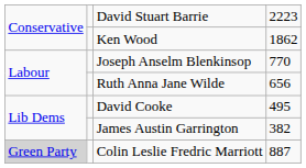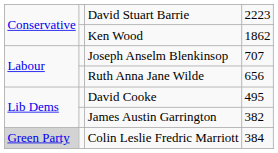 <table class="wikitable">
 <tr>
 <td rowspan="2"><a href='#'>Conservative</a></td>
 <td style="color:inherit;background:"></td>
 <td>David Stuart Barrie</td>
 <td>2223</td>
 </tr>
 <tr>
 <td style="color:inherit;background:"></td>
 <td>Ken Wood</td>
 <td>1862</td>
 </tr>
 <tr>
 <td rowspan="2"><a href='#'>Labour</a></td>
 <td style="color:inherit;background:"></td>
 <td>Joseph Anselm Blenkinsop</td>
-<td>770</td>
+<td>707</td>
 </tr>
 <tr>
 <td style="color:inherit;background:"></td>
 <td>Ruth Anna Jane Wilde</td>
 <td>656</td>
 </tr>
 <tr>
 <td rowspan="2"><a href='#'>Lib Dems</a></td>
 <td style="color:inherit;background:"></td>
 <td>David Cooke</td>
 <td>495</td>
 </tr>
 <tr>
 <td style="color:inherit;background:"></td>
 <td>James Austin Garrington</td>
 <td>382</td>
 </tr>
 <tr>
 <td style="background: lightgrey;"><a href='#'>Green Party</a></td>
 <td style="color:inherit;background:"></td>
 <td>Colin Leslie Fredric Marriott</td>
-<td>887</td>
+<td>384</td>
 </tr>
 </table>
